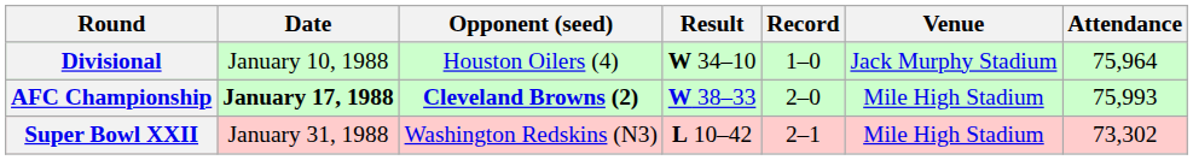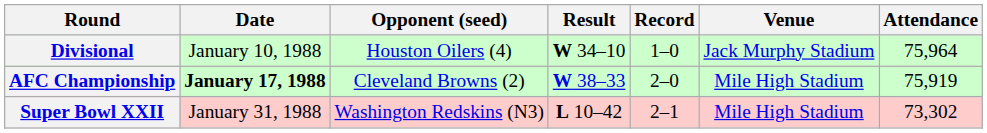 <table class="wikitable" style="text-align:center">
 <tr>
 <th>Round</th>
 <th>Date</th>
 <th>Opponent (seed)</th>
 <th>Result</th>
 <th>Record</th>
 <th>Venue</th>
 <th>Attendance</th>
 </tr>
 <tr style="background:#cfc">
 <th><a href='#'>Divisional</a></th>
 <td>January 10, 1988</td>
 <td><a href='#'>Houston Oilers</a> (4)</td>
 <td><strong>W</strong> 34–10</td>
 <td>1–0</td>
 <td><a href='#'>Jack Murphy Stadium</a></td>
 <td>75,964</td>
 </tr>
 <tr style="background:#cfc">
 <th><a href='#'>AFC Championship</a></th>
 <td><strong>January 17, 1988</strong></td>
-<td><strong><a href='#'>Cleveland Browns</a> (2)</strong></td>
+<td><a href='#'>Cleveland Browns</a> (2)</td>
 <td><a href='#'><strong>W</strong> 38–33</a></td>
 <td>2–0</td>
 <td><a href='#'>Mile High Stadium</a></td>
-<td>75,993</td>
+<td>75,919</td>
 </tr>
 <tr style="background:#fcc">
 <th><a href='#'>Super Bowl XXII</a></th>
 <td>January 31, 1988</td>
 <td><a href='#'>Washington Redskins</a> (N3)</td>
 <td><strong>L</strong> 10–42</td>
 <td>2–1</td>
 <td><a href='#'>Mile High Stadium</a></td>
 <td>73,302</td>
 </tr>
 </table>
